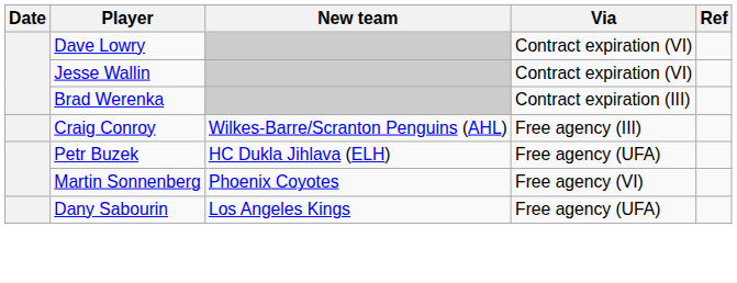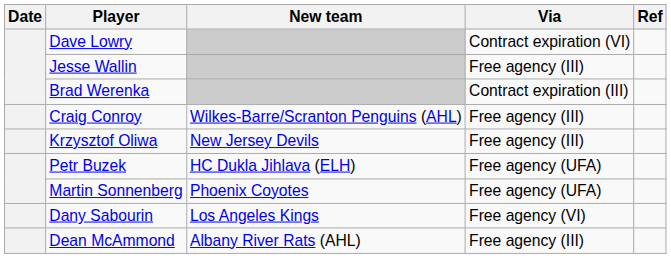 <table class="wikitable plainrowheaders">
 <tr style="background:#ddd; text-align:center;">
 <th>Date</th>
 <th>Player</th>
 <th>New team</th>
 <th>Via</th>
 <th>Ref</th>
 </tr>
 <tr>
 <th scope="row" rowspan=3></th>
 <td><a href='#'>Dave Lowry</a></td>
 <td style="background:#ccc"></td>
 <td>Contract expiration (VI)</td>
 <td></td>
 </tr>
 <tr>
 <td><a href='#'>Jesse Wallin</a></td>
 <td style="background:#ccc"></td>
-<td>Contract expiration (VI)</td>
+<td>Free agency (III)</td>
 <td></td>
 </tr>
 <tr>
 <td><a href='#'>Brad Werenka</a></td>
 <td style="background:#ccc"></td>
 <td>Contract expiration (III)</td>
 <td></td>
 </tr>
 <tr>
 <th scope="row"></th>
 <td><a href='#'>Craig Conroy</a></td>
 <td><a href='#'>Wilkes-Barre/Scranton Penguins</a> (<a href='#'>AHL</a>)</td>
 <td>Free agency (III)</td>
 <td></td>
 </tr>
 <tr>
+<th scope="row"></th>
+<td><a href='#'>Krzysztof Oliwa</a></td>
+<td><a href='#'>New Jersey Devils</a></td>
+<td>Free agency (III)</td>
+<td></td>
+</tr>
+<tr>
 <th scope="row" rowspan=2></th>
 <td><a href='#'>Petr Buzek</a></td>
 <td><a href='#'>HC Dukla Jihlava</a> (<a href='#'>ELH</a>)</td>
 <td>Free agency (UFA)</td>
 <td></td>
 </tr>
 <tr>
 <td><a href='#'>Martin Sonnenberg</a></td>
 <td><a href='#'>Phoenix Coyotes</a></td>
-<td>Free agency (VI)</td>
+<td>Free agency (UFA)</td>
 <td></td>
 </tr>
 <tr>
 <th scope="row"></th>
 <td><a href='#'>Dany Sabourin</a></td>
 <td><a href='#'>Los Angeles Kings</a></td>
-<td>Free agency (UFA)</td>
+<td>Free agency (VI)</td>
+<td></td>
+</tr>
+<tr>
+<th scope="row"></th>
+<td><a href='#'>Dean McAmmond</a></td>
+<td><a href='#'>Albany River Rats</a> (AHL)</td>
+<td>Free agency (III)</td>
 <td></td>
 </tr>
 </table>
